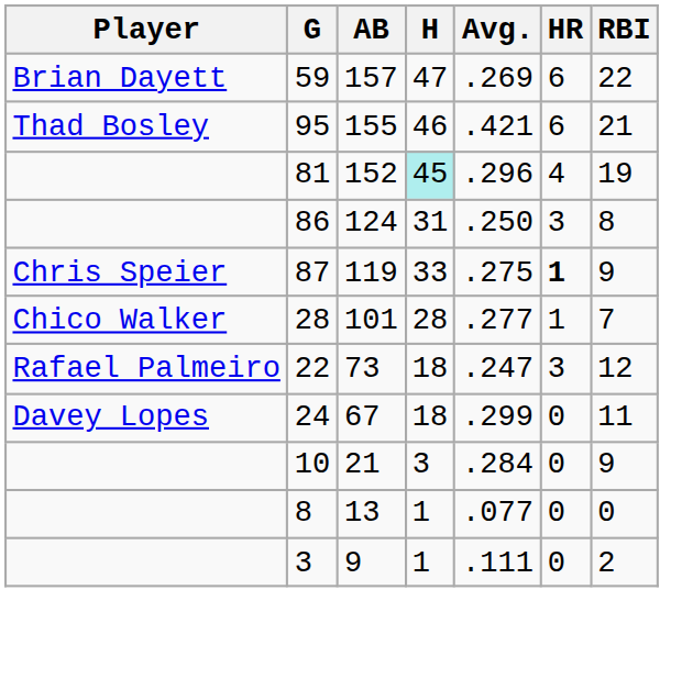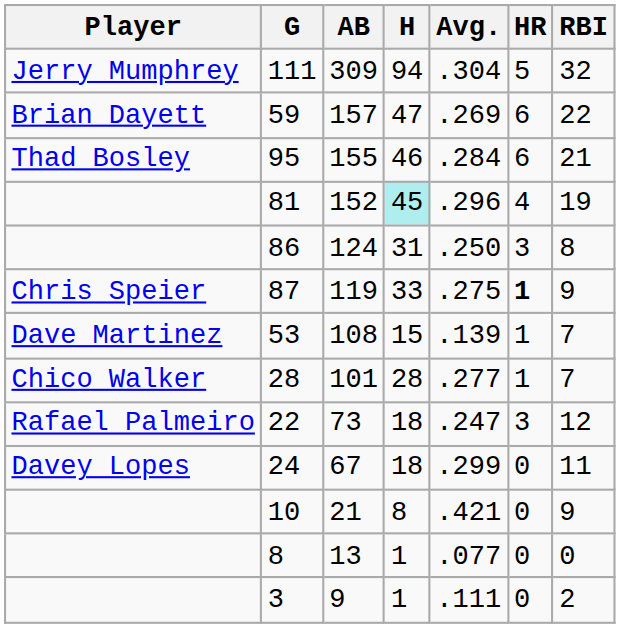 <table class="wikitable sortable">
 <tr>
 <th>Player</th>
 <th>G</th>
 <th>AB</th>
 <th>H</th>
 <th>Avg.</th>
 <th>HR</th>
 <th>RBI</th>
+</tr>
+<tr>
+<td><a href='#'>Jerry Mumphrey</a></td>
+<td>111</td>
+<td>309</td>
+<td>94</td>
+<td>.304</td>
+<td>5</td>
+<td>32</td>
 </tr>
 <tr>
 <td><a href='#'>Brian Dayett</a></td>
 <td>59</td>
 <td>157</td>
 <td>47</td>
 <td>.269</td>
 <td>6</td>
 <td>22</td>
 </tr>
 <tr>
 <td><a href='#'>Thad Bosley</a></td>
 <td>95</td>
 <td>155</td>
 <td>46</td>
-<td>.421</td>
+<td>.284</td>
 <td>6</td>
 <td>21</td>
 </tr>
 <tr>
 <td></td>
 <td>81</td>
 <td>152</td>
 <td style="background: paleturquoise;">45</td>
 <td>.296</td>
 <td>4</td>
 <td>19</td>
 </tr>
 <tr>
 <td></td>
 <td>86</td>
 <td>124</td>
 <td>31</td>
 <td>.250</td>
 <td>3</td>
 <td>8</td>
 </tr>
 <tr>
 <td><a href='#'>Chris Speier</a></td>
 <td>87</td>
 <td>119</td>
 <td>33</td>
 <td>.275</td>
 <td><strong>1</strong></td>
 <td>9</td>
+</tr>
+<tr>
+<td><a href='#'>Dave Martinez</a></td>
+<td>53</td>
+<td>108</td>
+<td>15</td>
+<td>.139</td>
+<td>1</td>
+<td>7</td>
 </tr>
 <tr>
 <td><a href='#'>Chico Walker</a></td>
 <td>28</td>
 <td>101</td>
 <td>28</td>
 <td>.277</td>
 <td>1</td>
 <td>7</td>
 </tr>
 <tr>
 <td><a href='#'>Rafael Palmeiro</a></td>
 <td>22</td>
 <td>73</td>
 <td>18</td>
 <td>.247</td>
 <td>3</td>
 <td>12</td>
 </tr>
 <tr>
 <td><a href='#'>Davey Lopes</a></td>
 <td>24</td>
 <td>67</td>
 <td>18</td>
 <td>.299</td>
 <td>0</td>
 <td>11</td>
 </tr>
 <tr>
 <td></td>
 <td>10</td>
 <td>21</td>
-<td>3</td>
-<td>.284</td>
+<td>8</td>
+<td>.421</td>
 <td>0</td>
 <td>9</td>
 </tr>
 <tr>
 <td></td>
 <td>8</td>
 <td>13</td>
 <td>1</td>
 <td>.077</td>
 <td>0</td>
 <td>0</td>
 </tr>
 <tr>
 <td></td>
 <td>3</td>
 <td>9</td>
 <td>1</td>
 <td>.111</td>
 <td>0</td>
 <td>2</td>
 </tr>
 </table>
